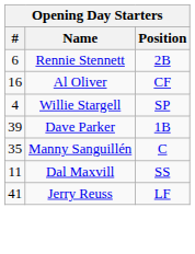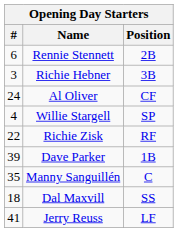 <table class="wikitable" style="text-align:center">
 <tr>
 <th colspan="3">Opening Day Starters</th>
 </tr>
 <tr>
 <th>#</th>
 <th>Name</th>
 <th>Position</th>
 </tr>
 <tr>
 <td>6</td>
 <td><a href='#'>Rennie Stennett</a></td>
 <td><a href='#'>2B</a></td>
 </tr>
 <tr>
-<td>16</td>
+<td>3</td>
+<td><a href='#'>Richie Hebner</a></td>
+<td><a href='#'>3B</a></td>
+</tr>
+<tr>
+<td>24</td>
 <td><a href='#'>Al Oliver</a></td>
 <td><a href='#'>CF</a></td>
 </tr>
 <tr>
 <td>4</td>
 <td><a href='#'>Willie Stargell</a></td>
 <td><a href='#'>SP</a></td>
+</tr>
+<tr>
+<td>22</td>
+<td><a href='#'>Richie Zisk</a></td>
+<td><a href='#'>RF</a></td>
 </tr>
 <tr>
 <td>39</td>
 <td><a href='#'>Dave Parker</a></td>
 <td><a href='#'>1B</a></td>
 </tr>
 <tr>
 <td>35</td>
 <td><a href='#'>Manny Sanguillén</a></td>
 <td><a href='#'>C</a></td>
 </tr>
 <tr>
-<td>11</td>
+<td>18</td>
 <td><a href='#'>Dal Maxvill</a></td>
 <td><a href='#'>SS</a></td>
 </tr>
 <tr>
 <td>41</td>
 <td><a href='#'>Jerry Reuss</a></td>
 <td><a href='#'>LF</a></td>
 </tr>
 </table>
